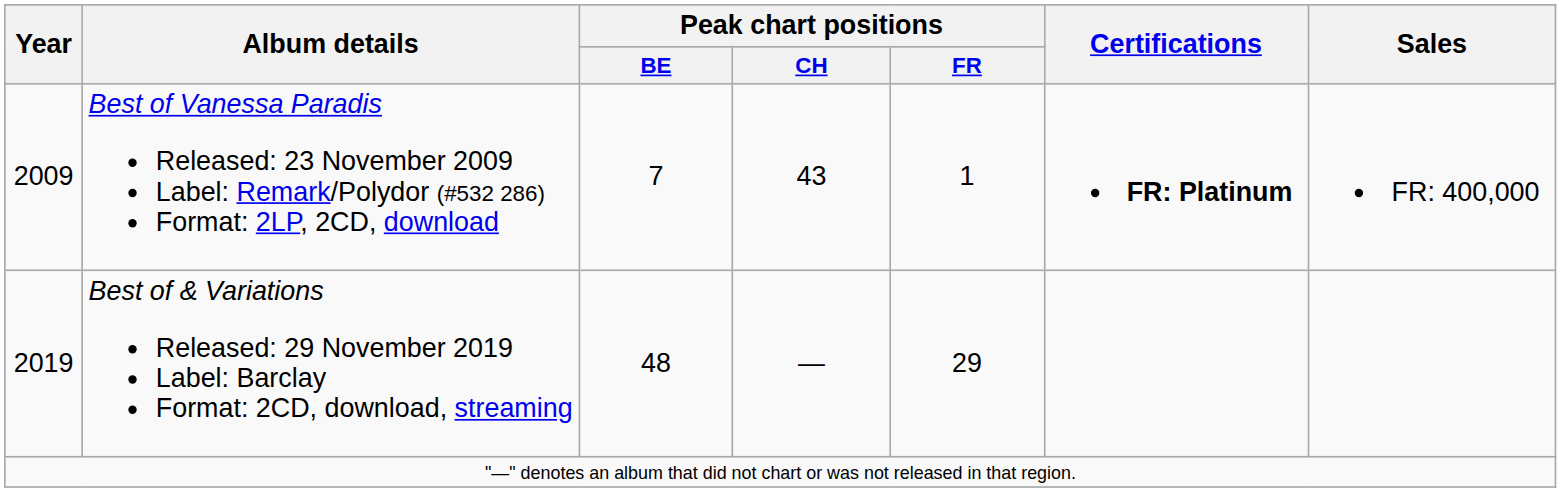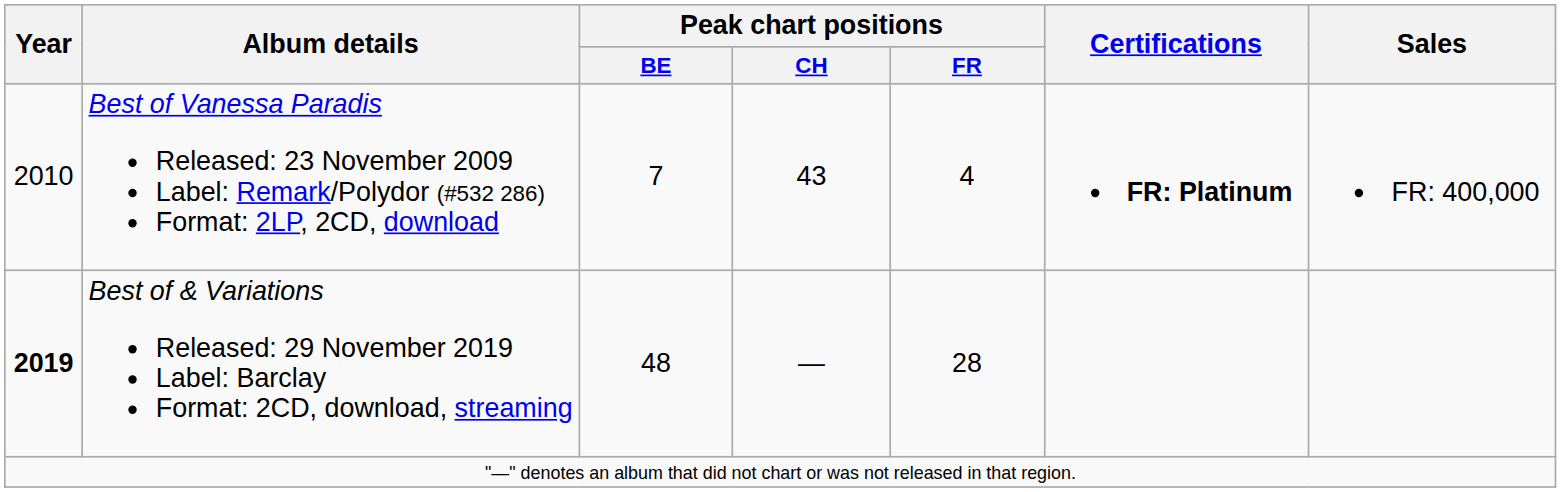 <table class="wikitable" style="text-align:center;">
 <tr>
 <th rowspan=2 width=5%>Year</th>
 <th rowspan=2 width=32%>Album details</th>
 <th colspan=3 width=30%>Peak chart positions</th>
 <th rowspan=2 width=17%><a href='#'>Certifications</a></th>
 <th rowspan=2 width=16%>Sales</th>
 </tr>
 <tr style=font-size:smaller>
 <th width:3%><a href='#'>BE</a><br></th>
 <th width:3%><a href='#'>CH</a><br></th>
 <th width:3%><a href='#'>FR</a><br></th>
 </tr>
 <tr>
-<td>2009</td>
+<td>2010</td>
 <td align=left><em><a href='#'>Best of Vanessa Paradis</a></em><br><ul><li>Released: 23 November 2009</li><li>Label: <a href='#'>Remark</a>/Polydor <small>(#532 286)</small></li><li>Format: <a href='#'>2LP</a>, 2CD, <a href='#'>download</a></li></ul></td>
 <td>7</td>
 <td>43</td>
-<td>1</td>
+<td>4</td>
 <td><strong><br><ul><li>FR: Platinum</li></ul></strong></td>
 <td><br><ul><li>FR: 400,000</li></ul></td>
 </tr>
 <tr>
-<td>2019</td>
+<td><strong>2019</strong></td>
 <td align=left><em>Best of & Variations</em><br><ul><li>Released: 29 November 2019</li><li>Label: Barclay</li><li>Format: 2CD, download, <a href='#'>streaming</a></li></ul></td>
 <td>48</td>
 <td>—</td>
-<td>29<br></td>
+<td>28<br></td>
 <td></td>
 <td></td>
 </tr>
 <tr>
 <td colspan=14 style=font-size:8pt>"—" denotes an album that did not chart or was not released in that region.</td>
 </tr>
 </table>
